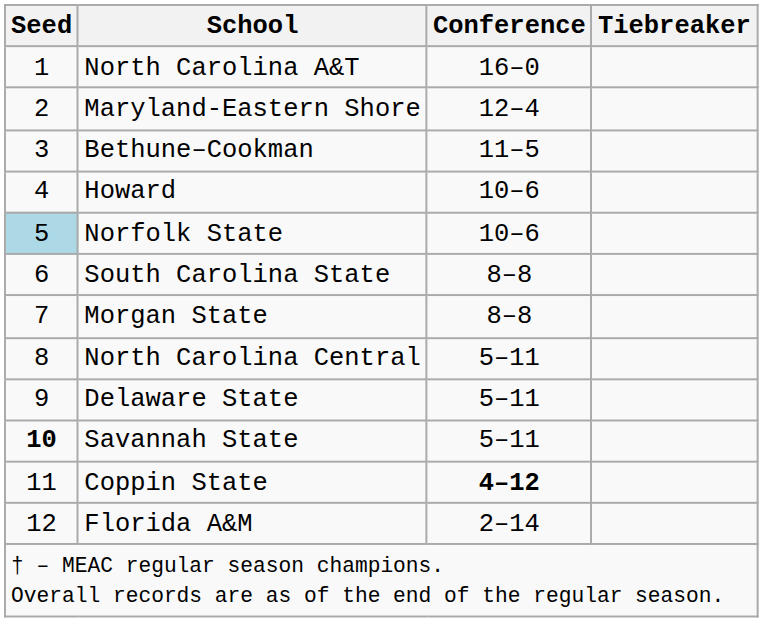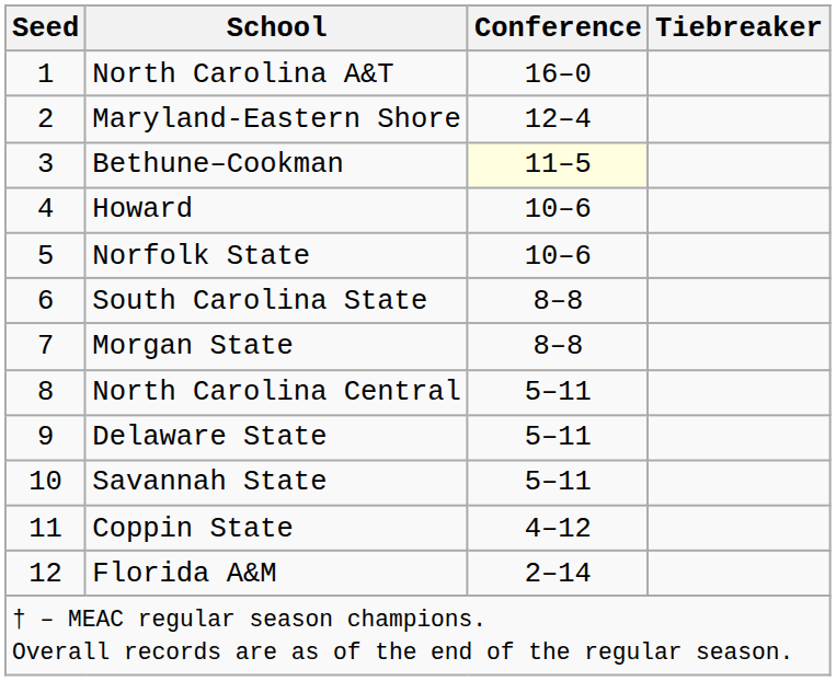 <table class="wikitable" style="text-align:center">
 <tr>
 <th>Seed</th>
 <th>School</th>
 <th>Conference</th>
 <th>Tiebreaker</th>
 </tr>
 <tr>
 <td>1</td>
 <td align=left>North Carolina A&T</td>
 <td>16–0</td>
 <td></td>
 </tr>
 <tr>
 <td>2</td>
 <td align=left>Maryland-Eastern Shore</td>
 <td>12–4</td>
 <td></td>
 </tr>
 <tr>
 <td>3</td>
 <td align=left>Bethune–Cookman</td>
-<td>11–5</td>
+<td style="background: lightyellow;">11–5</td>
 <td></td>
 </tr>
 <tr>
 <td>4</td>
 <td align=left>Howard</td>
 <td>10–6</td>
 <td></td>
 </tr>
 <tr>
-<td style="background: lightblue;">5</td>
+<td>5</td>
 <td align=left>Norfolk State</td>
 <td>10–6</td>
 <td></td>
 </tr>
 <tr>
 <td>6</td>
 <td align=left>South Carolina State</td>
 <td>8–8</td>
 <td></td>
 </tr>
 <tr>
 <td>7</td>
 <td align=left>Morgan State</td>
 <td>8–8</td>
 <td></td>
 </tr>
 <tr>
 <td>8</td>
 <td align=left>North Carolina Central</td>
 <td>5–11</td>
 <td></td>
 </tr>
 <tr>
 <td>9</td>
 <td align=left>Delaware State</td>
 <td>5–11</td>
 <td></td>
 </tr>
 <tr>
-<td><strong>10</strong></td>
+<td>10</td>
 <td align=left>Savannah State</td>
 <td>5–11</td>
 <td></td>
 </tr>
 <tr>
 <td>11</td>
 <td align=left>Coppin State</td>
-<td><strong>4–12</strong></td>
+<td>4–12</td>
 <td></td>
 </tr>
 <tr>
 <td>12</td>
 <td align=left>Florida A&M</td>
 <td>2–14</td>
 <td></td>
 </tr>
 <tr>
 <td colspan="6" align="left"><small>† – MEAC regular season champions.<br>Overall records are as of the end of the regular season.</small></td>
 </tr>
 </table>
